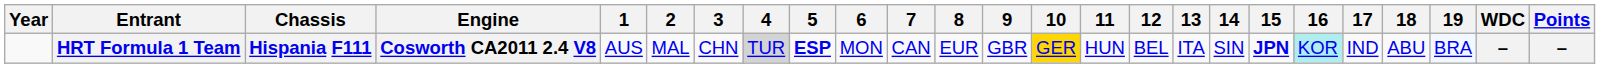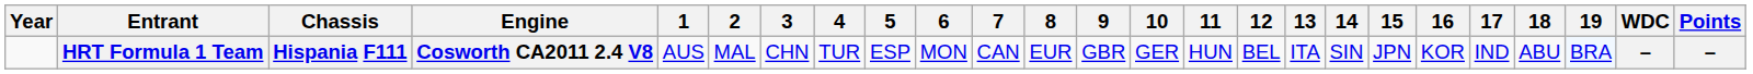 <table class="wikitable" style="text-align:center; font-size:85%">
 <tr>
 <th>Year</th>
 <th>Entrant</th>
 <th>Chassis</th>
 <th>Engine</th>
 <th>1</th>
 <th>2</th>
 <th>3</th>
 <th>4</th>
 <th>5</th>
 <th>6</th>
 <th>7</th>
 <th>8</th>
 <th>9</th>
 <th>10</th>
 <th>11</th>
 <th>12</th>
 <th>13</th>
 <th>14</th>
 <th>15</th>
 <th>16</th>
 <th>17</th>
 <th>18</th>
 <th>19</th>
 <th>WDC</th>
 <th><a href='#'>Points</a></th>
 </tr>
 <tr>
 <td></td>
 <th nowrap><a href='#'>HRT Formula 1 Team</a></th>
 <th rowspan=2 nowrap><a href='#'>Hispania</a> <a href='#'>F111</a></th>
 <th rowspan=2 nowrap><a href='#'>Cosworth</a> CA2011 2.4 <a href='#'>V8</a></th>
 <td><a href='#'>AUS</a></td>
 <td><a href='#'>MAL</a></td>
 <td><a href='#'>CHN</a></td>
-<td style="background: lightgrey;"><a href='#'>TUR</a></td>
-<td><strong><a href='#'>ESP</a></strong></td>
+<td><a href='#'>TUR</a></td>
+<td><a href='#'>ESP</a></td>
 <td><a href='#'>MON</a></td>
 <td><a href='#'>CAN</a></td>
 <td><a href='#'>EUR</a></td>
 <td><a href='#'>GBR</a></td>
-<td style="background: gold;"><a href='#'>GER</a></td>
+<td><a href='#'>GER</a></td>
 <td><a href='#'>HUN</a></td>
 <td><a href='#'>BEL</a></td>
 <td><a href='#'>ITA</a></td>
 <td><a href='#'>SIN</a></td>
-<td><strong><a href='#'>JPN</a></strong></td>
-<td style="background: paleturquoise;"><a href='#'>KOR</a></td>
+<td><a href='#'>JPN</a></td>
+<td><a href='#'>KOR</a></td>
 <td><a href='#'>IND</a></td>
 <td><a href='#'>ABU</a></td>
 <td style="background:#F1F8FF;"><a href='#'>BRA</a><br></td>
 <th>–</th>
 <th>–</th>
 </tr>
 </table>
